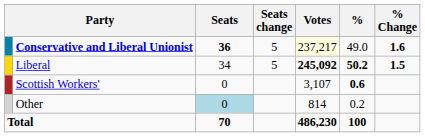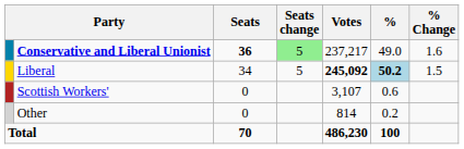 <table class="wikitable sortable">
 <tr>
 <th style="width:200px" colspan=3>Party</th>
 <th style="width:70px;">Seats</th>
 <th style="width:40px;">Seats change</th>
 <th style="width:40px;">Votes</th>
 <th style="width:40px;">%</th>
 <th style="width:40px;">% Change</th>
 </tr>
 <tr>
 <td style="background-color:#0281AA"> </td>
 <td colspan=2><strong><a href='#'>Conservative and Liberal Unionist</a></strong></td>
 <td align="center"><strong>36</strong></td>
-<td align="center"> 5</td>
-<td align="center" style="background: lightyellow;">237,217</td>
+<td align="center" style="background: lightgreen;"> 5</td>
+<td align="center">237,217</td>
 <td align="center">49.0</td>
-<td align="center"><strong> 1.6</strong></td>
+<td align="center"> 1.6</td>
 </tr>
 <tr>
 <td style="background-color:#FFD700"> </td>
 <td colspan=2><a href='#'>Liberal</a></td>
 <td align=center>34</td>
 <td align=center> 5</td>
 <td align=center><strong>245,092</strong></td>
-<td align=center><strong>50.2</strong></td>
-<td align=center><strong> 1.5</strong></td>
+<td align=center style="background: lightblue;"><strong>50.2</strong></td>
+<td align=center> 1.5</td>
 </tr>
 <tr>
 <td style="background-color:#B22222"> </td>
 <td colspan=2><a href='#'>Scottish Workers'</a></td>
 <td align=center>0</td>
 <td align=center></td>
 <td align=center>3,107</td>
-<td align=center><strong>0.6</strong></td>
+<td align=center>0.6</td>
 <td align=center></td>
 </tr>
 <tr>
 <td style="background-color:#D3D3D3"> </td>
 <td colspan=2>Other</td>
-<td align="center" style="background: lightblue;">0</td>
+<td align="center">0</td>
 <td align="center"></td>
 <td align="center">814</td>
 <td align="center">0.2</td>
 <td align="center"></td>
 </tr>
 <tr>
 <td colspan=3><strong>Total</strong></td>
 <td align=center><strong>70</strong></td>
 <td align=center></td>
 <td align=center><strong>486,230</strong></td>
 <td align=center><strong>100</strong></td>
 <td align=center></td>
 </tr>
 </table>
